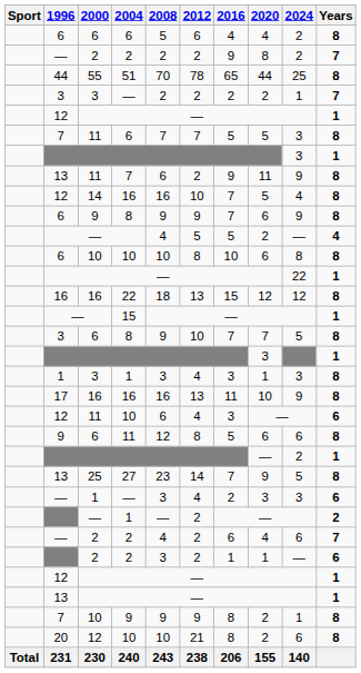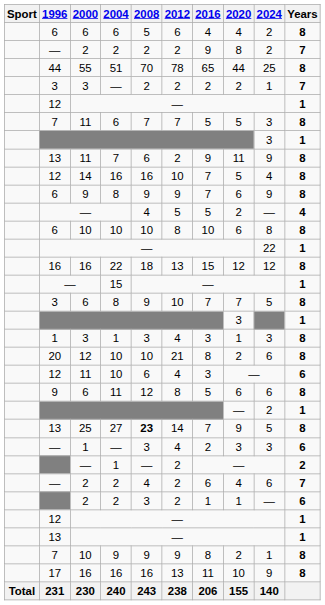 <table class="wikitable" style="font-size:95%;">
 <tr>
 <th>Sport</th>
 <th><a href='#'>1996</a></th>
 <th><a href='#'>2000</a></th>
 <th><a href='#'>2004</a></th>
 <th><a href='#'>2008</a></th>
 <th><a href='#'>2012</a></th>
 <th><a href='#'>2016</a></th>
 <th><a href='#'>2020</a></th>
 <th><a href='#'>2024</a></th>
 <th>Years</th>
 </tr>
 <tr>
 <td></td>
 <td align=center>6</td>
 <td align=center>6</td>
 <td align=center>6</td>
 <td align=center>5</td>
 <td align=center>6</td>
 <td align=center>4</td>
 <td align=center>4</td>
 <td align=center>2</td>
 <td align=center><strong>8</strong></td>
 </tr>
 <tr>
 <td></td>
 <td align=center>—</td>
 <td align=center>2</td>
 <td align=center>2</td>
 <td align=center>2</td>
 <td align=center>2</td>
 <td align=center>9</td>
 <td align=center>8</td>
 <td align=center>2</td>
 <td align=center><strong>7</strong></td>
 </tr>
 <tr>
 <td></td>
 <td align=center>44</td>
 <td align=center>55</td>
 <td align=center>51</td>
 <td align=center>70</td>
 <td align=center>78</td>
 <td align=center>65</td>
 <td align=center>44</td>
 <td align=center>25</td>
 <td align=center><strong>8</strong></td>
 </tr>
 <tr>
 <td></td>
 <td align=center>3</td>
 <td align=center>3</td>
 <td align=center>—</td>
 <td align=center>2</td>
 <td align=center>2</td>
 <td align=center>2</td>
 <td align=center>2</td>
 <td align=center>1</td>
 <td align=center><strong>7</strong></td>
 </tr>
 <tr>
 <td></td>
 <td align=center>12</td>
 <td align=center colspan="7">—</td>
 <td align=center><strong>1</strong></td>
 </tr>
 <tr>
 <td></td>
 <td align=center>7</td>
 <td align=center>11</td>
 <td align=center>6</td>
 <td align=center>7</td>
 <td align=center>7</td>
 <td align=center>5</td>
 <td align=center>5</td>
 <td align=center>3</td>
 <td align=center><strong>8</strong></td>
 </tr>
 <tr>
 <td></td>
 <td bgcolor=grey colspan="7"></td>
 <td align=center>3</td>
 <td align=center><strong>1</strong></td>
 </tr>
 <tr>
 <td></td>
 <td align=center>13</td>
 <td align=center>11</td>
 <td align=center>7</td>
 <td align=center>6</td>
 <td align=center>2</td>
 <td align=center>9</td>
 <td align=center>11</td>
 <td align=center>9</td>
 <td align=center><strong>8</strong></td>
 </tr>
 <tr>
 <td></td>
 <td align=center>12</td>
 <td align=center>14</td>
 <td align=center>16</td>
 <td align=center>16</td>
 <td align=center>10</td>
 <td align=center>7</td>
 <td align=center>5</td>
 <td align=center>4</td>
 <td align=center><strong>8</strong></td>
 </tr>
 <tr>
 <td></td>
 <td align=center>6</td>
 <td align=center>9</td>
 <td align=center>8</td>
 <td align=center>9</td>
 <td align=center>9</td>
 <td align=center>7</td>
 <td align=center>6</td>
 <td align=center>9</td>
 <td align=center><strong>8</strong></td>
 </tr>
 <tr>
 <td></td>
 <td align=center colspan="3">—</td>
 <td align=center>4</td>
 <td align=center>5</td>
 <td align=center>5</td>
 <td align=center>2</td>
 <td align=center>—</td>
 <td align=center><strong>4</strong></td>
 </tr>
 <tr>
 <td></td>
 <td align=center>6</td>
 <td align=center>10</td>
 <td align=center>10</td>
 <td align=center>10</td>
 <td align=center>8</td>
 <td align=center>10</td>
 <td align=center>6</td>
 <td align=center>8</td>
 <td align=center><strong>8</strong></td>
 </tr>
 <tr>
 <td></td>
 <td align=center colspan="7">—</td>
 <td align=center>22</td>
 <td align=center><strong>1</strong></td>
 </tr>
 <tr>
 <td></td>
 <td align=center>16</td>
 <td align=center>16</td>
 <td align=center>22</td>
 <td align=center>18</td>
 <td align=center>13</td>
 <td align=center>15</td>
 <td align=center>12</td>
 <td align=center>12</td>
 <td align=center><strong>8</strong></td>
 </tr>
 <tr>
 <td></td>
 <td align=center colspan="2">—</td>
 <td align=center>15</td>
 <td align=center colspan="5">—</td>
 <td align=center><strong>1</strong></td>
 </tr>
 <tr>
 <td></td>
 <td align=center>3</td>
 <td align=center>6</td>
 <td align=center>8</td>
 <td align=center>9</td>
 <td align=center>10</td>
 <td align=center>7</td>
 <td align=center>7</td>
 <td align=center>5</td>
 <td align=center><strong>8</strong></td>
 </tr>
 <tr>
 <td></td>
 <td bgcolor=grey colspan="6"></td>
 <td align=center>3</td>
 <td bgcolor=grey></td>
 <td align=center><strong>1</strong></td>
 </tr>
 <tr>
 <td></td>
 <td align=center>1</td>
 <td align=center>3</td>
 <td align=center>1</td>
 <td align=center>3</td>
 <td align=center>4</td>
 <td align=center>3</td>
 <td align=center>1</td>
 <td align=center>3</td>
 <td align=center><strong>8</strong></td>
 </tr>
 <tr>
 <td></td>
-<td align=center>17</td>
-<td align=center>16</td>
-<td align=center>16</td>
-<td align=center>16</td>
-<td align=center>13</td>
-<td align=center>11</td>
+<td align=center>20</td>
+<td align=center>12</td>
 <td align=center>10</td>
-<td align=center>9</td>
+<td align=center>10</td>
+<td align=center>21</td>
+<td align=center>8</td>
+<td align=center>2</td>
+<td align=center>6</td>
 <td align=center><strong>8</strong></td>
 </tr>
 <tr>
 <td></td>
 <td align=center>12</td>
 <td align=center>11</td>
 <td align=center>10</td>
 <td align=center>6</td>
 <td align=center>4</td>
 <td align=center>3</td>
 <td align=center colspan="2">—</td>
 <td align=center><strong>6</strong></td>
 </tr>
 <tr>
 <td></td>
 <td align=center>9</td>
 <td align=center>6</td>
 <td align=center>11</td>
 <td align=center>12</td>
 <td align=center>8</td>
 <td align=center>5</td>
 <td align=center>6</td>
 <td align=center>6</td>
 <td align=center><strong>8</strong></td>
 </tr>
 <tr>
 <td></td>
 <td bgcolor=grey colspan="6"></td>
 <td align=center>—</td>
 <td align=center>2</td>
 <td align=center><strong>1</strong></td>
 </tr>
 <tr>
 <td></td>
 <td align=center>13</td>
 <td align=center>25</td>
 <td align=center>27</td>
-<td align=center>23</td>
+<td align=center><strong>23</strong></td>
 <td align=center>14</td>
 <td align=center>7</td>
 <td align=center>9</td>
 <td align=center>5</td>
 <td align=center><strong>8</strong></td>
 </tr>
 <tr>
 <td></td>
 <td align=center>—</td>
 <td align=center>1</td>
 <td align=center>—</td>
 <td align=center>3</td>
 <td align=center>4</td>
 <td align=center>2</td>
 <td align=center>3</td>
 <td align=center>3</td>
 <td align=center><strong>6</strong></td>
 </tr>
 <tr>
 <td></td>
 <td bgcolor=grey></td>
 <td align=center>—</td>
 <td align=center>1</td>
 <td align=center>—</td>
 <td align=center>2</td>
 <td align=center colspan="3">—</td>
 <td align=center><strong>2</strong></td>
 </tr>
 <tr>
 <td></td>
 <td align=center>—</td>
 <td align=center>2</td>
 <td align=center>2</td>
 <td align=center>4</td>
 <td align=center>2</td>
 <td align=center>6</td>
 <td align=center>4</td>
 <td align=center>6</td>
 <td align=center><strong>7</strong></td>
 </tr>
 <tr>
 <td></td>
 <td bgcolor=grey></td>
 <td align=center>2</td>
 <td align=center>2</td>
 <td align=center>3</td>
 <td align=center>2</td>
 <td align=center>1</td>
 <td align=center>1</td>
 <td align=center>—</td>
 <td align=center><strong>6</strong></td>
 </tr>
 <tr>
 <td></td>
 <td align=center>12</td>
 <td align=center colspan="7">—</td>
 <td align=center><strong>1</strong></td>
 </tr>
 <tr>
 <td></td>
 <td align=center>13</td>
 <td align=center colspan="7">—</td>
 <td align=center><strong>1</strong></td>
 </tr>
 <tr>
 <td></td>
 <td align=center>7</td>
 <td align=center>10</td>
 <td align=center>9</td>
 <td align=center>9</td>
 <td align=center>9</td>
 <td align=center>8</td>
 <td align=center>2</td>
 <td align=center>1</td>
 <td align=center><strong>8</strong></td>
 </tr>
 <tr>
 <td></td>
-<td align=center>20</td>
-<td align=center>12</td>
+<td align=center>17</td>
+<td align=center>16</td>
+<td align=center>16</td>
+<td align=center>16</td>
+<td align=center>13</td>
+<td align=center>11</td>
 <td align=center>10</td>
-<td align=center>10</td>
-<td align=center>21</td>
-<td align=center>8</td>
-<td align=center>2</td>
-<td align=center>6</td>
+<td align=center>9</td>
 <td align=center><strong>8</strong></td>
 </tr>
 <tr>
 <th>Total</th>
 <th>231</th>
 <th>230</th>
 <th>240</th>
 <th>243</th>
 <th>238</th>
 <th>206</th>
 <th>155</th>
 <th>140</th>
 <th></th>
 </tr>
 </table>
